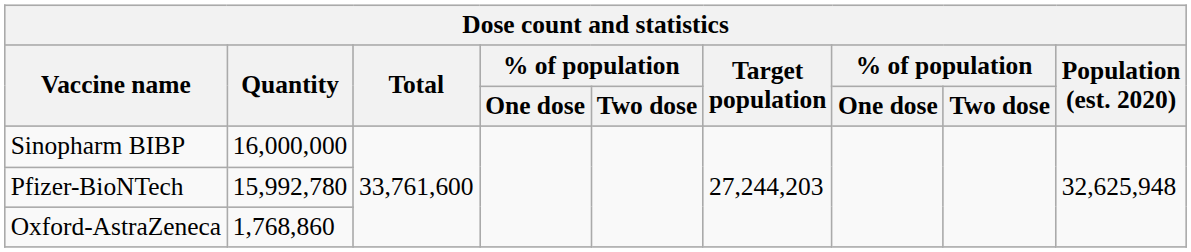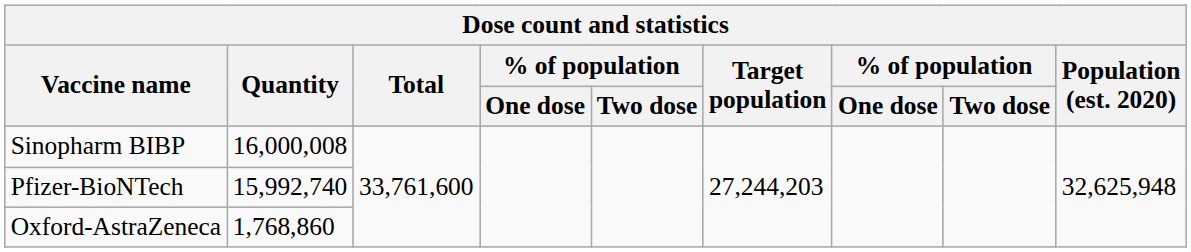 <table class="wikitable" style="display:inline-table">
 <tr>
 <th colspan=9>Dose count and statistics</th>
 </tr>
 <tr>
 <th rowspan="2">Vaccine name</th>
 <th rowspan="2">Quantity</th>
 <th rowspan="2">Total</th>
 <th colspan="2">% of population</th>
 <th rowspan="2">Target<br>population</th>
 <th colspan="2">% of population</th>
 <th rowspan="2">Population<br>(est. 2020)</th>
 </tr>
 <tr>
 <th>One dose</th>
 <th>Two dose</th>
 <th>One dose</th>
 <th>Two dose</th>
 </tr>
 <tr>
 <td>Sinopharm BIBP</td>
-<td>16,000,000</td>
+<td>16,000,008</td>
 <td rowspan="4">33,761,600</td>
 <td rowspan="4"></td>
 <td rowspan="4"></td>
 <td rowspan="4">27,244,203</td>
 <td rowspan="4"></td>
 <td rowspan="4"></td>
 <td rowspan="4">32,625,948</td>
 </tr>
 <tr>
 <td>Pfizer-BioNTech</td>
-<td>15,992,780</td>
+<td>15,992,740</td>
 </tr>
 <tr>
 <td>Oxford-AstraZeneca</td>
 <td>1,768,860</td>
 </tr>
 </table>
